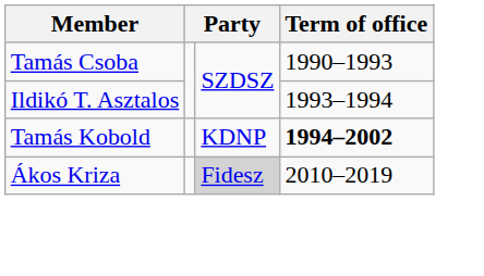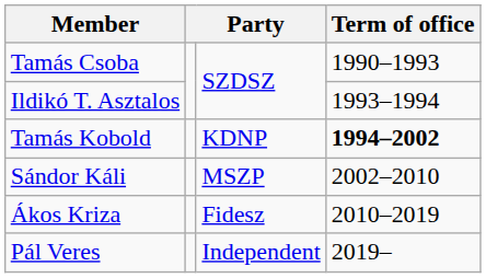 <table class=wikitable>
 <tr>
 <th>Member</th>
 <th colspan=2>Party</th>
 <th>Term of office</th>
 </tr>
 <tr>
 <td><a href='#'>Tamás Csoba</a></td>
 <td rowspan=2; style="background-color:"></td>
 <td rowspan=2><a href='#'>SZDSZ</a></td>
 <td>1990–1993</td>
 </tr>
 <tr>
 <td><a href='#'>Ildikó T. Asztalos</a></td>
 <td>1993–1994</td>
 </tr>
 <tr>
 <td><a href='#'>Tamás Kobold</a></td>
 <td style="background-color:"></td>
 <td><a href='#'>KDNP</a></td>
 <td><strong>1994–2002</strong></td>
 </tr>
 <tr>
+<td><a href='#'>Sándor Káli</a></td>
+<td style="background-color:"></td>
+<td><a href='#'>MSZP</a></td>
+<td>2002–2010</td>
+</tr>
+<tr>
 <td><a href='#'>Ákos Kriza</a></td>
 <td style="background-color:"></td>
-<td style="background: lightgrey;"><a href='#'>Fidesz</a></td>
+<td><a href='#'>Fidesz</a></td>
 <td>2010–2019</td>
 </tr>
+<tr>
+<td><a href='#'>Pál Veres</a></td>
+<td style="background-color:"></td>
+<td><a href='#'>Independent</a></td>
+<td>2019–</td>
+</tr>
 </table>
